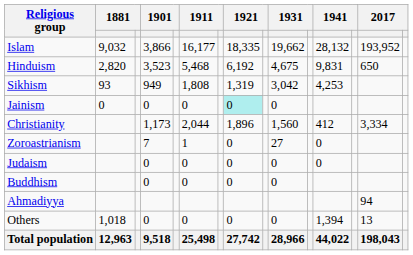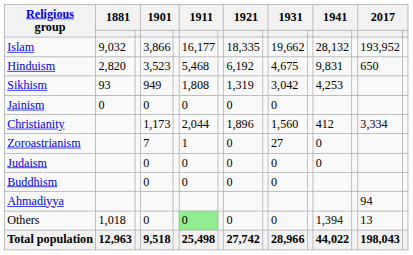 <table class="wikitable collapsible sortable">
 <tr>
 <th rowspan="2"><a href='#'>Religious</a><br>group</th>
 <th colspan="2">1881</th>
 <th colspan="2">1901</th>
 <th colspan="2">1911</th>
 <th colspan="2">1921</th>
 <th colspan="2">1931</th>
 <th colspan="2">1941</th>
 <th colspan="2">2017</th>
 </tr>
 <tr>
 <th><a href='#'></a></th>
 <th></th>
 <th></th>
 <th></th>
 <th></th>
 <th></th>
 <th></th>
 <th></th>
 <th></th>
 <th></th>
 <th></th>
 <th></th>
 <th></th>
 <th></th>
 </tr>
 <tr>
 <td><a href='#'>Islam</a> </td>
 <td>9,032</td>
 <td></td>
 <td>3,866</td>
 <td></td>
 <td>16,177</td>
 <td></td>
 <td>18,335</td>
 <td></td>
 <td>19,662</td>
 <td></td>
 <td>28,132</td>
 <td></td>
 <td>193,952</td>
 <td></td>
 </tr>
 <tr>
 <td><a href='#'>Hinduism</a> </td>
 <td>2,820</td>
 <td></td>
 <td>3,523</td>
 <td></td>
 <td>5,468</td>
 <td></td>
 <td>6,192</td>
 <td></td>
 <td>4,675</td>
 <td></td>
 <td>9,831</td>
 <td></td>
 <td>650</td>
 <td></td>
 </tr>
 <tr>
 <td><a href='#'>Sikhism</a> </td>
 <td>93</td>
 <td></td>
 <td>949</td>
 <td></td>
 <td>1,808</td>
 <td></td>
 <td>1,319</td>
 <td></td>
 <td>3,042</td>
 <td></td>
 <td>4,253</td>
 <td></td>
 <td></td>
 <td></td>
 </tr>
 <tr>
 <td><a href='#'>Jainism</a> </td>
 <td>0</td>
 <td></td>
 <td>0</td>
 <td></td>
 <td>0</td>
 <td></td>
-<td style="background: paleturquoise;">0</td>
+<td>0</td>
 <td></td>
 <td>0</td>
 <td></td>
 <td></td>
 <td></td>
 <td></td>
 <td></td>
 </tr>
 <tr>
 <td><a href='#'>Christianity</a> </td>
 <td></td>
 <td></td>
 <td>1,173</td>
 <td></td>
 <td>2,044</td>
 <td></td>
 <td>1,896</td>
 <td></td>
 <td>1,560</td>
 <td></td>
 <td>412</td>
 <td></td>
 <td>3,334</td>
 <td></td>
 </tr>
 <tr>
 <td><a href='#'>Zoroastrianism</a> </td>
 <td></td>
 <td></td>
 <td>7</td>
 <td></td>
 <td>1</td>
 <td></td>
 <td>0</td>
 <td></td>
 <td>27</td>
 <td></td>
 <td>0</td>
 <td></td>
 <td></td>
 <td></td>
 </tr>
 <tr>
 <td><a href='#'>Judaism</a> </td>
 <td></td>
 <td></td>
 <td>0</td>
 <td></td>
 <td>0</td>
 <td></td>
 <td>0</td>
 <td></td>
 <td>0</td>
 <td></td>
 <td>0</td>
 <td></td>
 <td></td>
 <td></td>
 </tr>
 <tr>
 <td><a href='#'>Buddhism</a> </td>
 <td></td>
 <td></td>
 <td>0</td>
 <td></td>
 <td>0</td>
 <td></td>
 <td>0</td>
 <td></td>
 <td>0</td>
 <td></td>
 <td></td>
 <td></td>
 <td></td>
 <td></td>
 </tr>
 <tr>
 <td><a href='#'>Ahmadiyya</a> </td>
 <td></td>
 <td></td>
 <td></td>
 <td></td>
 <td></td>
 <td></td>
 <td></td>
 <td></td>
 <td></td>
 <td></td>
 <td></td>
 <td></td>
 <td>94</td>
 <td></td>
 </tr>
 <tr>
 <td>Others</td>
 <td>1,018</td>
 <td></td>
 <td>0</td>
 <td></td>
-<td>0</td>
+<td style="background: lightgreen;">0</td>
 <td></td>
 <td>0</td>
 <td></td>
 <td>0</td>
 <td></td>
 <td>1,394</td>
 <td></td>
 <td>13</td>
 <td></td>
 </tr>
 <tr>
 <th>Total population</th>
 <th>12,963</th>
 <th></th>
 <th>9,518</th>
 <th></th>
 <th>25,498</th>
 <th></th>
 <th>27,742</th>
 <th></th>
 <th>28,966</th>
 <th></th>
 <th>44,022</th>
 <th></th>
 <th>198,043</th>
 <th></th>
 </tr>
 </table>
